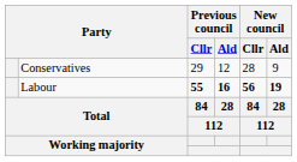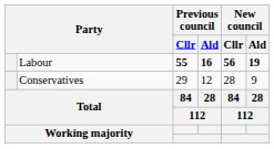 <table class="wikitable">
 <tr>
 <th colspan="2" rowspan="2" style="width: 230px">Party</th>
 <th valign=top colspan="2" style="width: 30px">Previous council</th>
 <th valign=top colspan="2" style="width: 30px">New council</th>
 </tr>
 <tr>
 <th><a href='#'>Cllr</a></th>
 <th><a href='#'>Ald</a></th>
 <th>Cllr</th>
 <th>Ald</th>
 </tr>
 <tr>
 <th style="background-color: "></th>
+<td>Labour</td>
+<td><strong>55</strong></td>
+<td><strong>16</strong></td>
+<td><strong>56</strong></td>
+<td><strong>19</strong></td>
+</tr>
+<tr>
+<th style="background-color: "></th>
 <td>Conservatives</td>
 <td>29</td>
 <td>12</td>
 <td>28</td>
 <td> 9</td>
-</tr>
-<tr>
-<th style="background-color: "></th>
-<td>Labour</td>
-<td><strong>55</strong></td>
-<td><strong>16</strong></td>
-<td><strong>56</strong></td>
-<td><strong>19</strong></td>
 </tr>
 <tr>
 <th colspan="2" rowspan="2">Total</th>
 <th style="text-align: center">84</th>
 <th style="text-align: center">28</th>
 <th style="text-align: center">84</th>
 <th style="text-align: center">28</th>
 </tr>
 <tr>
 <th colspan="2" style="text-align: center">112</th>
 <th colspan="2" style="text-align: center">112</th>
 </tr>
 <tr>
 <th colspan="2" rowspan="2">Working majority</th>
 <th></th>
 <th></th>
 <th></th>
 <th></th>
 </tr>
 <tr>
 <th colspan="2"></th>
 <th colspan="2"></th>
 </tr>
 </table>
